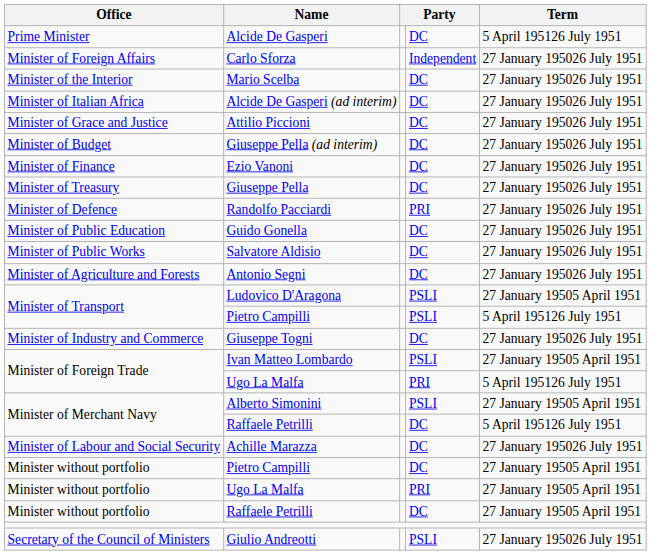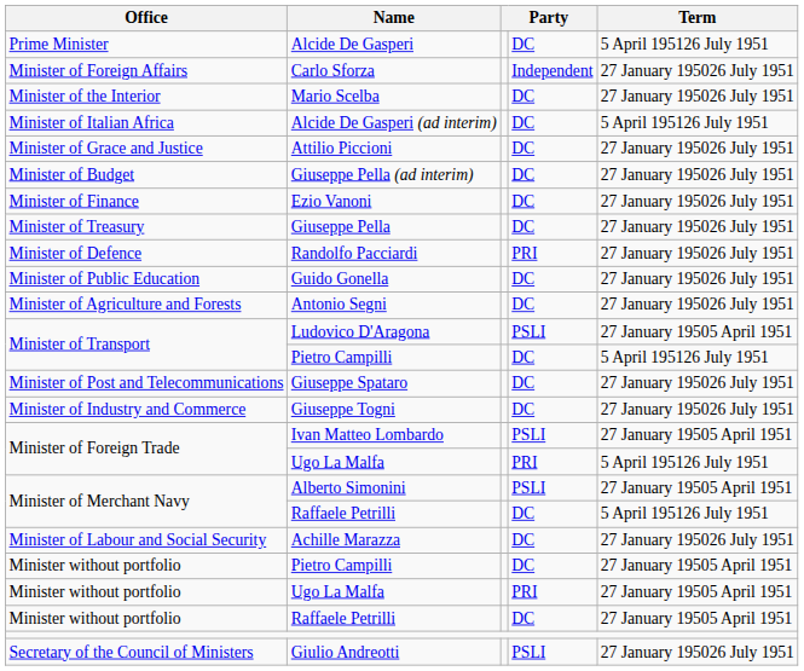 <table class="wikitable">
 <tr>
 <th>Office</th>
 <th>Name</th>
 <th colspan=2>Party</th>
 <th>Term</th>
 </tr>
 <tr>
 <td><a href='#'>Prime Minister</a></td>
 <td><a href='#'>Alcide De Gasperi</a></td>
 <td></td>
 <td><a href='#'>DC</a></td>
 <td>5 April 195126 July 1951</td>
 </tr>
 <tr>
 <td><a href='#'>Minister of Foreign Affairs</a></td>
 <td><a href='#'>Carlo Sforza</a></td>
 <td></td>
 <td><a href='#'>Independent</a></td>
 <td>27 January 195026 July 1951</td>
 </tr>
 <tr>
 <td><a href='#'>Minister of the Interior</a></td>
 <td><a href='#'>Mario Scelba</a></td>
 <td></td>
 <td><a href='#'>DC</a></td>
 <td>27 January 195026 July 1951</td>
 </tr>
 <tr>
 <td><a href='#'>Minister of Italian Africa</a></td>
 <td><a href='#'>Alcide De Gasperi</a> <em>(ad interim)</em></td>
 <td></td>
 <td><a href='#'>DC</a></td>
-<td>27 January 195026 July 1951</td>
+<td>5 April 195126 July 1951</td>
 </tr>
 <tr>
 <td><a href='#'>Minister of Grace and Justice</a></td>
 <td><a href='#'>Attilio Piccioni</a></td>
 <td></td>
 <td><a href='#'>DC</a></td>
 <td>27 January 195026 July 1951</td>
 </tr>
 <tr>
 <td><a href='#'>Minister of Budget</a></td>
 <td><a href='#'>Giuseppe Pella</a> <em>(ad interim)</em></td>
 <td></td>
 <td><a href='#'>DC</a></td>
 <td>27 January 195026 July 1951</td>
 </tr>
 <tr>
 <td><a href='#'>Minister of Finance</a></td>
 <td><a href='#'>Ezio Vanoni</a></td>
 <td></td>
 <td><a href='#'>DC</a></td>
 <td>27 January 195026 July 1951</td>
 </tr>
 <tr>
 <td><a href='#'>Minister of Treasury</a></td>
 <td><a href='#'>Giuseppe Pella</a></td>
 <td></td>
 <td><a href='#'>DC</a></td>
 <td>27 January 195026 July 1951</td>
 </tr>
 <tr>
 <td><a href='#'>Minister of Defence</a></td>
 <td><a href='#'>Randolfo Pacciardi</a></td>
 <td></td>
 <td><a href='#'>PRI</a></td>
 <td>27 January 195026 July 1951</td>
 </tr>
 <tr>
 <td><a href='#'>Minister of Public Education</a></td>
 <td><a href='#'>Guido Gonella</a></td>
 <td></td>
 <td><a href='#'>DC</a></td>
 <td>27 January 195026 July 1951</td>
 </tr>
 <tr>
-<td><a href='#'>Minister of Public Works</a></td>
-<td><a href='#'>Salvatore Aldisio</a></td>
-<td></td>
-<td><a href='#'>DC</a></td>
-<td>27 January 195026 July 1951</td>
-</tr>
-<tr>
 <td><a href='#'>Minister of Agriculture and Forests</a></td>
 <td><a href='#'>Antonio Segni</a></td>
 <td></td>
 <td><a href='#'>DC</a></td>
 <td>27 January 195026 July 1951</td>
 </tr>
 <tr>
 <td rowspan=2><a href='#'>Minister of Transport</a></td>
 <td><a href='#'>Ludovico D'Aragona</a></td>
 <td></td>
 <td><a href='#'>PSLI</a></td>
 <td>27 January 19505 April 1951</td>
 </tr>
 <tr>
 <td><a href='#'>Pietro Campilli</a></td>
 <td></td>
-<td><a href='#'>PSLI</a></td>
+<td><a href='#'>DC</a></td>
 <td>5 April 195126 July 1951</td>
+</tr>
+<tr>
+<td><a href='#'>Minister of Post and Telecommunications</a></td>
+<td><a href='#'>Giuseppe Spataro</a></td>
+<td></td>
+<td><a href='#'>DC</a></td>
+<td>27 January 195026 July 1951</td>
 </tr>
 <tr>
 <td><a href='#'>Minister of Industry and Commerce</a></td>
 <td><a href='#'>Giuseppe Togni</a></td>
 <td></td>
 <td><a href='#'>DC</a></td>
 <td>27 January 195026 July 1951</td>
 </tr>
 <tr>
 <td rowspan=2>Minister of Foreign Trade</td>
 <td><a href='#'>Ivan Matteo Lombardo</a></td>
 <td></td>
 <td><a href='#'>PSLI</a></td>
 <td>27 January 19505 April 1951</td>
 </tr>
 <tr>
 <td><a href='#'>Ugo La Malfa</a></td>
 <td></td>
 <td><a href='#'>PRI</a></td>
 <td>5 April 195126 July 1951</td>
 </tr>
 <tr>
 <td rowspan=2>Minister of Merchant Navy</td>
 <td><a href='#'>Alberto Simonini</a></td>
 <td></td>
 <td><a href='#'>PSLI</a></td>
 <td>27 January 19505 April 1951</td>
 </tr>
 <tr>
 <td><a href='#'>Raffaele Petrilli</a></td>
 <td></td>
 <td><a href='#'>DC</a></td>
 <td>5 April 195126 July 1951</td>
 </tr>
 <tr>
 <td><a href='#'>Minister of Labour and Social Security</a></td>
 <td><a href='#'>Achille Marazza</a></td>
 <td></td>
 <td><a href='#'>DC</a></td>
 <td>27 January 195026 July 1951</td>
 </tr>
 <tr>
 <td>Minister without portfolio</td>
 <td><a href='#'>Pietro Campilli</a></td>
 <td></td>
 <td><a href='#'>DC</a></td>
 <td>27 January 19505 April 1951</td>
 </tr>
 <tr>
 <td>Minister without portfolio</td>
 <td><a href='#'>Ugo La Malfa</a></td>
 <td></td>
 <td><a href='#'>PRI</a></td>
 <td>27 January 19505 April 1951</td>
 </tr>
 <tr>
 <td>Minister without portfolio</td>
 <td><a href='#'>Raffaele Petrilli</a></td>
 <td></td>
 <td><a href='#'>DC</a></td>
 <td>27 January 19505 April 1951</td>
 </tr>
 <tr>
 <td colspan="5"></td>
 </tr>
 <tr>
 <td><a href='#'>Secretary of the Council of Ministers</a></td>
 <td><a href='#'>Giulio Andreotti</a></td>
 <td></td>
 <td><a href='#'>PSLI</a></td>
 <td>27 January 195026 July 1951</td>
 </tr>
 </table>
